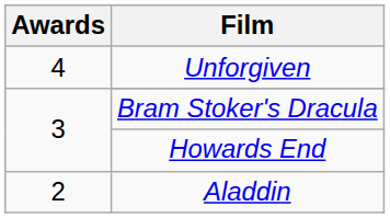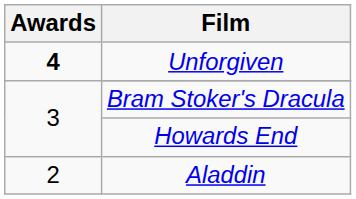 <table class="wikitable" style="text-align: center;">
 <tr>
 <th scope="col" width="55">Awards</th>
 <th scope="col" align="center">Film</th>
 </tr>
 <tr>
-<td style="text-align: center;">4</td>
+<td style="text-align: center;"><strong>4</strong></td>
 <td><em><a href='#'>Unforgiven</a></em></td>
 </tr>
 <tr>
 <td rowspan=3 style="text-align:center">3</td>
 </tr>
 <tr>
 <td><em><a href='#'>Bram Stoker's Dracula</a></em></td>
 </tr>
 <tr>
 <td><em><a href='#'>Howards End</a></em></td>
 </tr>
 <tr>
 <td rowspan=1 style="text-align:center">2</td>
 <td><em><a href='#'>Aladdin</a></em></td>
 </tr>
 </table>
